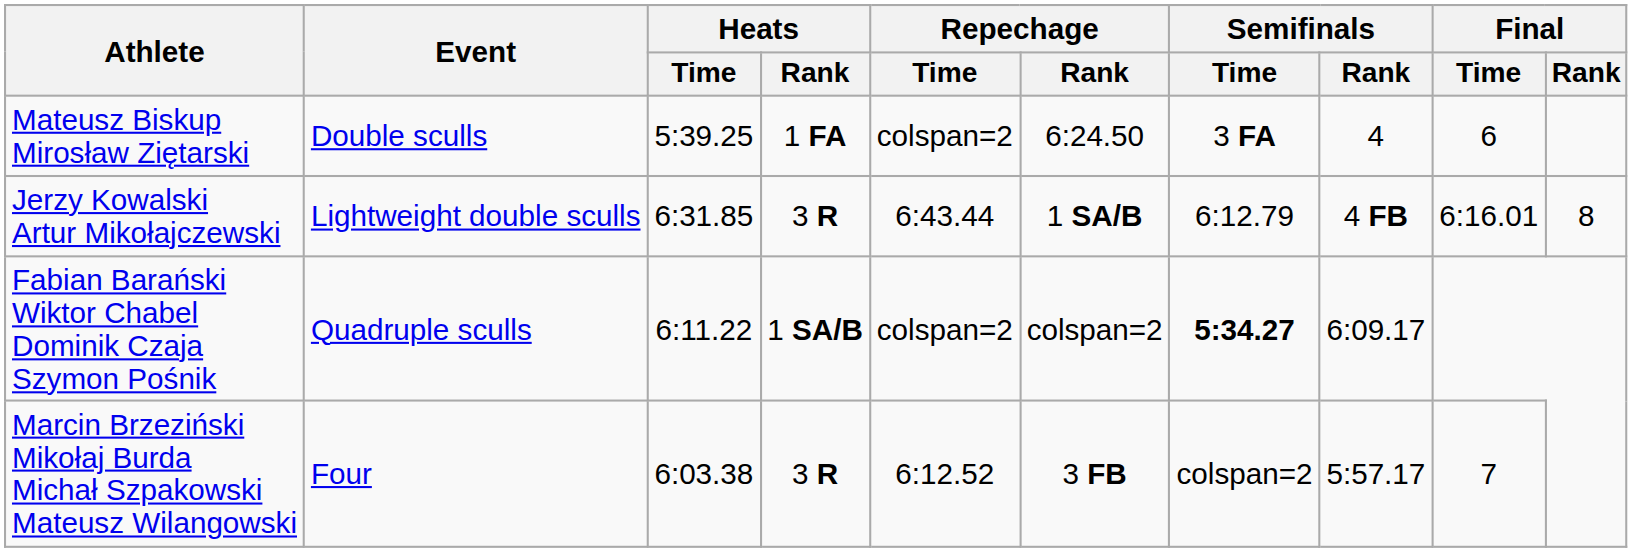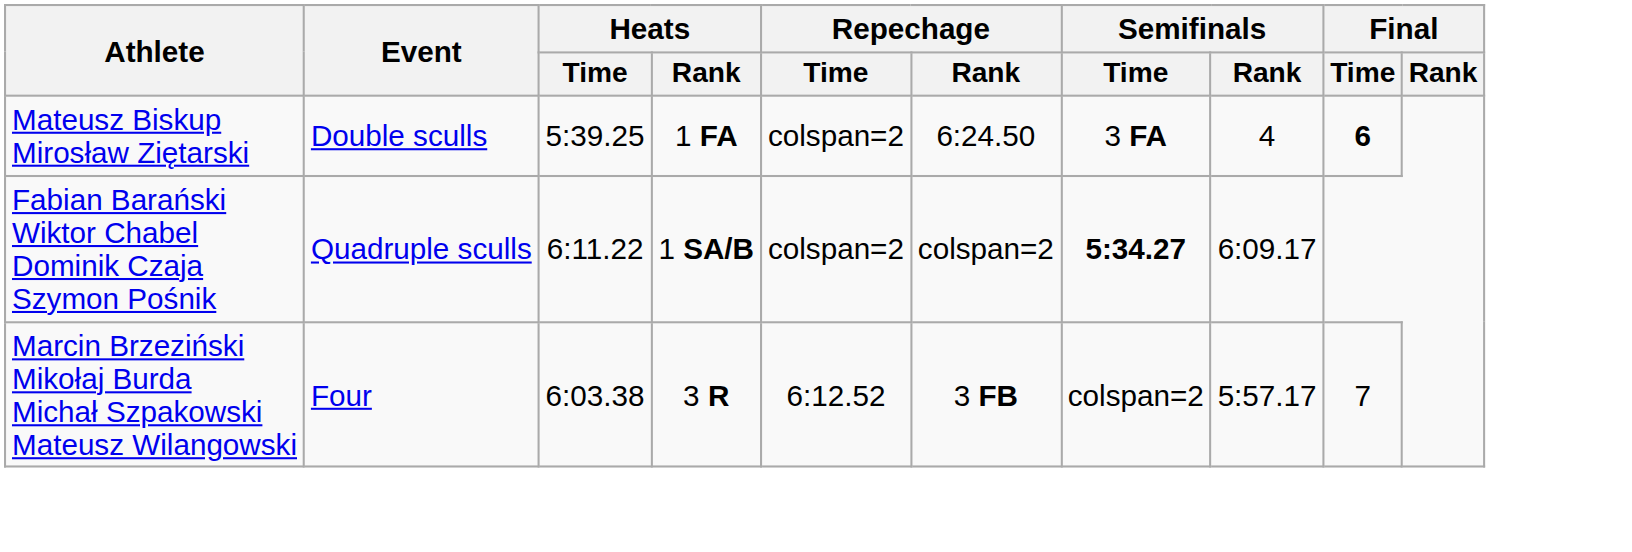 <table class="wikitable" style="text-align:center; font-size:90%">
 <tr>
 <th rowspan=2>Athlete</th>
 <th rowspan=2>Event</th>
 <th colspan=2>Heats</th>
 <th colspan=2>Repechage</th>
 <th colspan=2>Semifinals</th>
 <th colspan=2>Final</th>
 </tr>
 <tr style="font-size:95%">
 <th>Time</th>
 <th>Rank</th>
 <th>Time</th>
 <th>Rank</th>
 <th>Time</th>
 <th>Rank</th>
 <th>Time</th>
 <th>Rank</th>
 </tr>
 <tr>
 <td align=left><a href='#'>Mateusz Biskup</a><br><a href='#'>Mirosław Ziętarski</a></td>
 <td align=left><a href='#'>Double sculls</a></td>
 <td>5:39.25</td>
 <td>1 <strong>FA</strong></td>
 <td>colspan=2 </td>
 <td>6:24.50</td>
 <td>3 <strong>FA</strong></td>
 <td>4</td>
-<td>6</td>
-</tr>
-<tr>
-<td align=left><a href='#'>Jerzy Kowalski</a><br><a href='#'>Artur Mikołajczewski</a></td>
-<td align=left><a href='#'>Lightweight double sculls</a></td>
-<td>6:31.85</td>
-<td>3 <strong>R</strong></td>
-<td>6:43.44</td>
-<td>1 <strong>SA/B</strong></td>
-<td>6:12.79</td>
-<td>4 <strong>FB</strong></td>
-<td>6:16.01</td>
-<td>8</td>
+<td><strong>6</strong></td>
 </tr>
 <tr>
 <td align=left><a href='#'>Fabian Barański</a><br><a href='#'>Wiktor Chabel</a><br><a href='#'>Dominik Czaja</a><br><a href='#'>Szymon Pośnik</a></td>
 <td align=left><a href='#'>Quadruple sculls</a></td>
 <td>6:11.22</td>
 <td>1 <strong>SA/B</strong></td>
 <td>colspan=2 </td>
 <td>colspan=2 </td>
 <td><strong>5:34.27</strong></td>
 <td>6:09.17</td>
 </tr>
 <tr>
 <td align=left><a href='#'>Marcin Brzeziński</a><br><a href='#'>Mikołaj Burda</a><br><a href='#'>Michał Szpakowski</a><br><a href='#'>Mateusz Wilangowski</a></td>
 <td align=left><a href='#'>Four</a></td>
 <td>6:03.38</td>
 <td>3 <strong>R</strong></td>
 <td>6:12.52</td>
 <td>3 <strong>FB</strong></td>
 <td>colspan=2 </td>
 <td>5:57.17</td>
 <td>7</td>
 </tr>
 </table>
